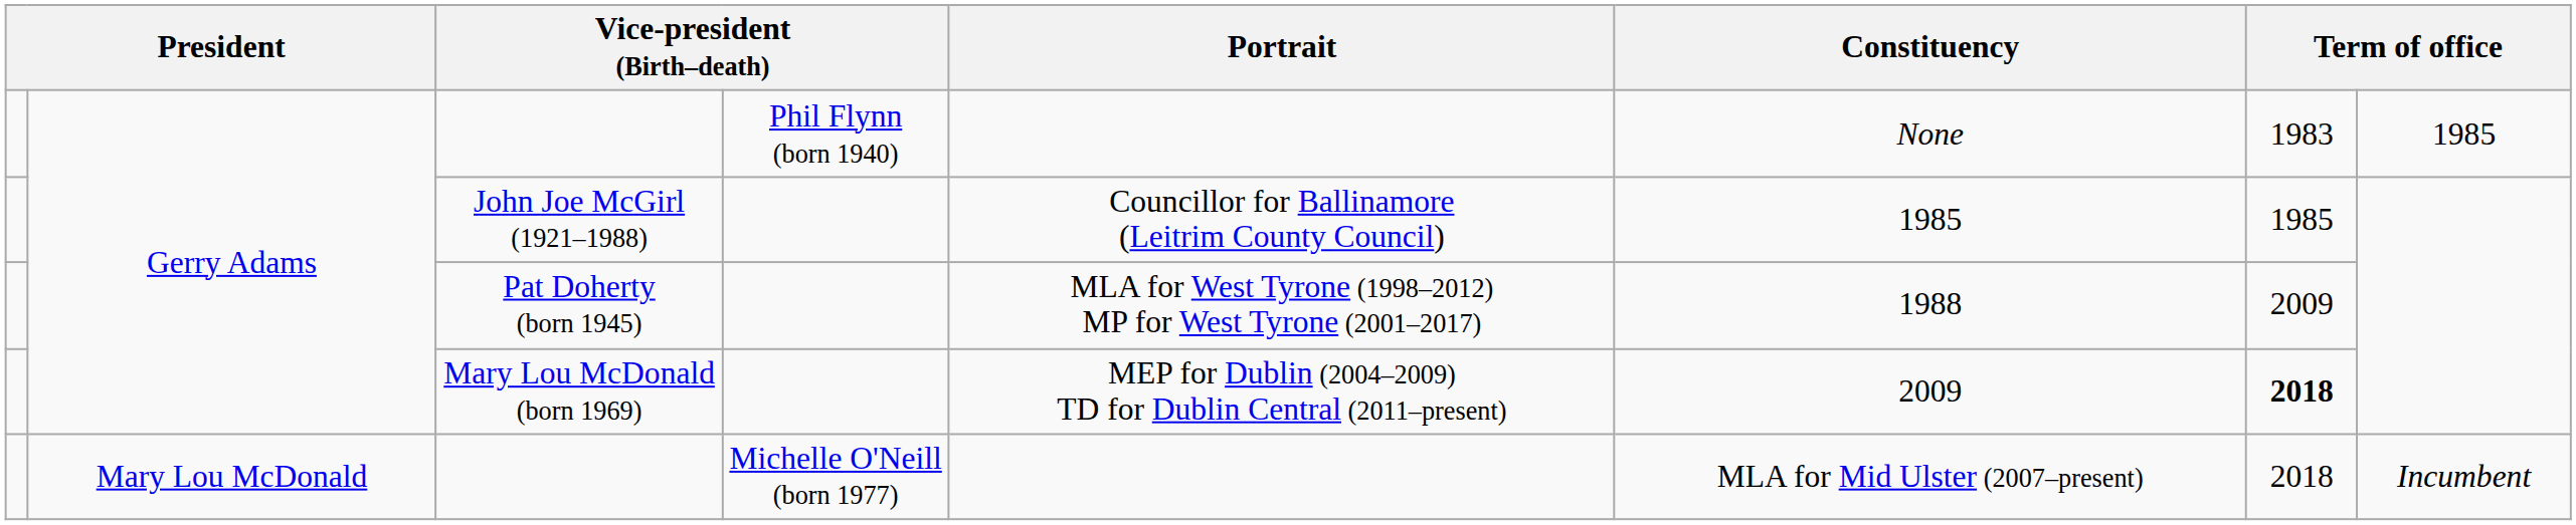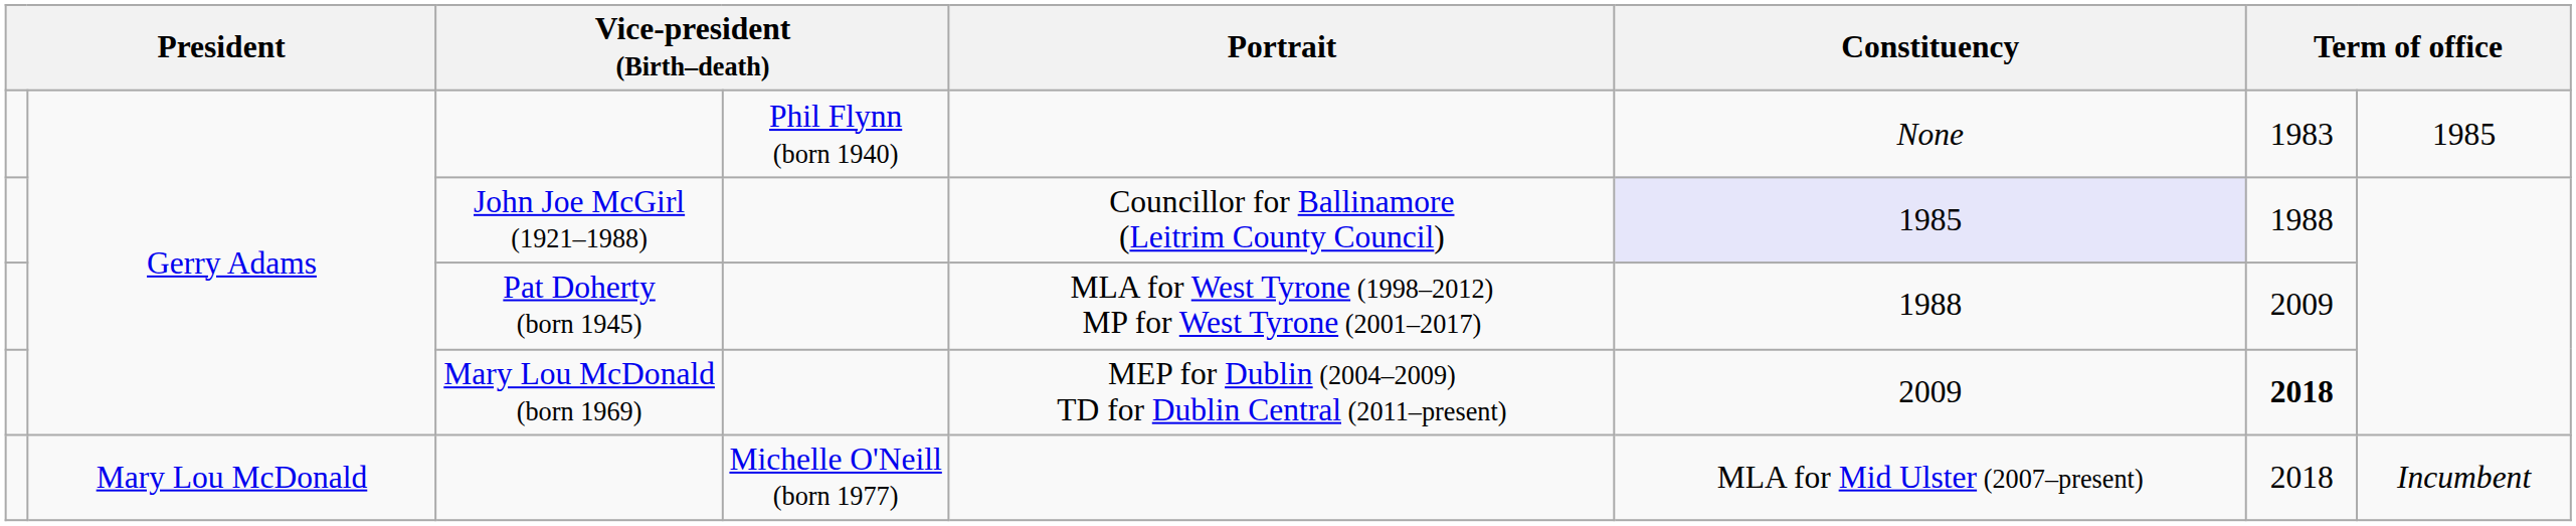 <table class="wikitable" style="margin: 1em auto 1em auto; text-align: center;">
 <tr>
 <th colspan=2>President</th>
 <th width=20% colspan=2>Vice-president<br><small>(Birth–death)</small></th>
 <th>Portrait</th>
 <th>Constituency</th>
 <th colspan="2">Term of office</th>
 </tr>
 <tr>
 <td style="background:"></td>
 <td rowspan=4><a href='#'>Gerry Adams</a></td>
 <td style="background:"></td>
 <td><a href='#'>Phil Flynn</a><br><small>(born 1940)</small></td>
 <td></td>
 <td><em>None</em></td>
 <td>1983</td>
 <td>1985</td>
 </tr>
 <tr>
 <td style="background:"></td>
 <td><a href='#'>John Joe McGirl</a><br><small>(1921–1988)</small></td>
 <td></td>
 <td>Councillor for <a href='#'>Ballinamore</a><br>(<a href='#'>Leitrim County Council</a>)</td>
-<td>1985</td>
-<td>1985</td>
+<td style="background: lavender;">1985</td>
+<td>1988</td>
 </tr>
 <tr>
 <td style="background:"></td>
 <td><a href='#'>Pat Doherty</a><br><small>(born 1945)</small></td>
 <td></td>
 <td>MLA for <a href='#'>West Tyrone</a><small> (1998–2012)</small><br>MP for <a href='#'>West Tyrone</a><small> (2001–2017)</small></td>
 <td>1988</td>
 <td>2009</td>
 </tr>
 <tr>
 <td style="background:"></td>
 <td><a href='#'>Mary Lou McDonald</a><br><small>(born 1969)</small></td>
 <td></td>
 <td>MEP for <a href='#'>Dublin</a><small> (2004–2009)</small><br>TD for <a href='#'>Dublin Central</a><small> (2011–present)</small></td>
 <td>2009</td>
 <td><strong>2018</strong></td>
 </tr>
 <tr>
 <td style="background:"></td>
 <td><a href='#'>Mary Lou McDonald</a></td>
 <td style="background:"></td>
 <td><a href='#'>Michelle O'Neill</a><br><small>(born 1977)</small></td>
 <td></td>
 <td>MLA for <a href='#'>Mid Ulster</a><small> (2007–present)</small></td>
 <td>2018</td>
 <td><em>Incumbent</em></td>
 </tr>
 </table>
